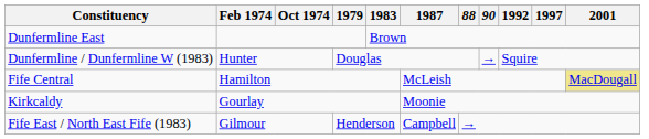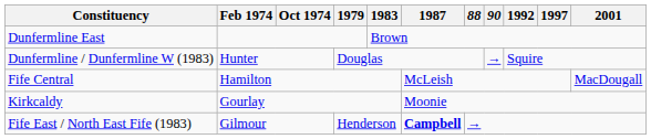 <table class="wikitable">
 <tr>
 <th>Constituency</th>
 <th>Feb 1974</th>
 <th>Oct 1974</th>
 <th>1979</th>
 <th>1983</th>
 <th>1987</th>
 <th><em>88</em></th>
 <th><em>90</em></th>
 <th>1992</th>
 <th>1997</th>
 <th>2001</th>
 </tr>
 <tr>
 <td><a href='#'>Dunfermline East</a></td>
 <td colspan="3"></td>
 <td colspan="7"><a href='#'>Brown</a></td>
 </tr>
 <tr>
 <td><a href='#'>Dunfermline</a> / <a href='#'>Dunfermline W</a> (1983)</td>
 <td colspan="2"><a href='#'>Hunter</a></td>
 <td colspan="4"><a href='#'>Douglas</a></td>
 <td><a href='#'>→</a></td>
 <td colspan="3"><a href='#'>Squire</a></td>
 </tr>
 <tr>
 <td><a href='#'>Fife Central</a></td>
 <td colspan="4"><a href='#'>Hamilton</a></td>
 <td colspan="5"><a href='#'>McLeish</a></td>
-<td style="background: khaki;"><a href='#'>MacDougall</a></td>
+<td><a href='#'>MacDougall</a></td>
 </tr>
 <tr>
 <td><a href='#'>Kirkcaldy</a></td>
 <td colspan="4"><a href='#'>Gourlay</a></td>
 <td colspan="6"><a href='#'>Moonie</a></td>
 </tr>
 <tr>
 <td><a href='#'>Fife East</a> / <a href='#'>North East Fife</a> (1983)</td>
 <td colspan="2"><a href='#'>Gilmour</a></td>
 <td colspan="2"><a href='#'>Henderson</a></td>
-<td><a href='#'>Campbell</a></td>
+<td><strong><a href='#'>Campbell</a></strong></td>
 <td colspan="5"><a href='#'>→</a></td>
 </tr>
 </table>
